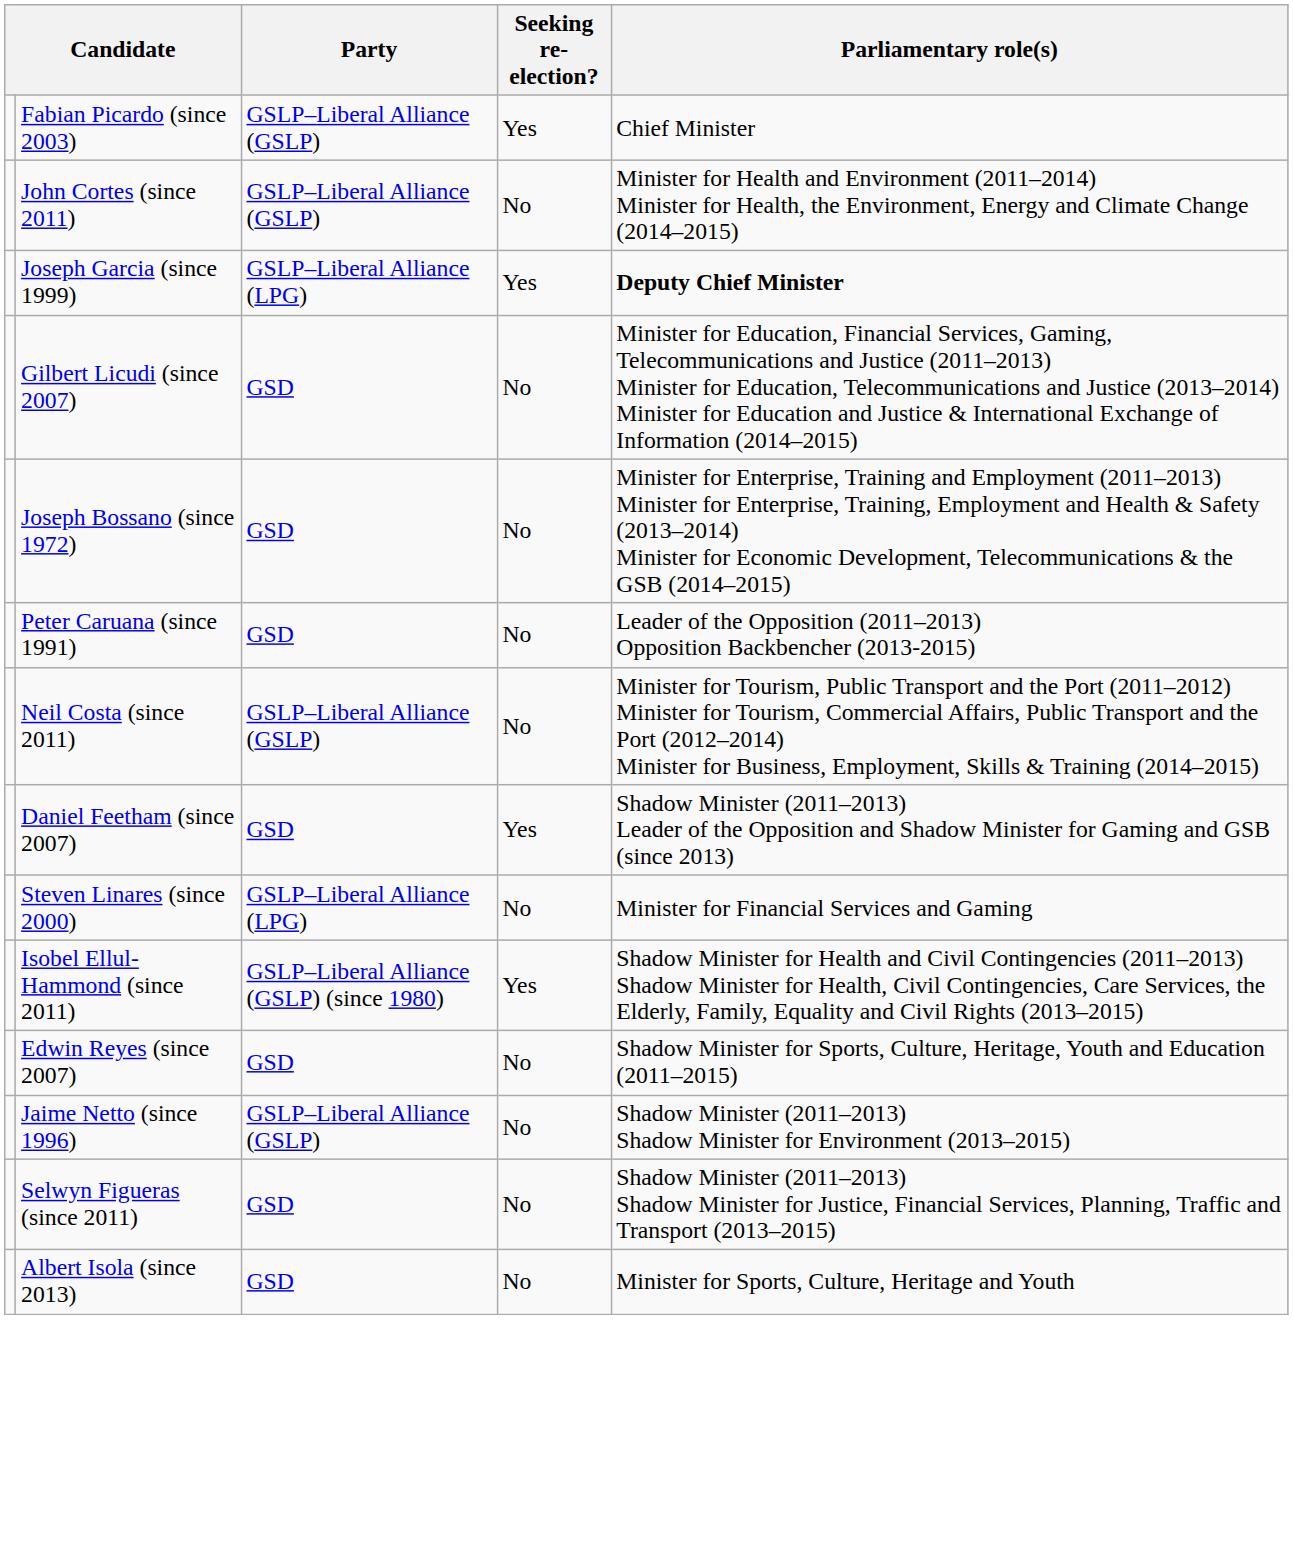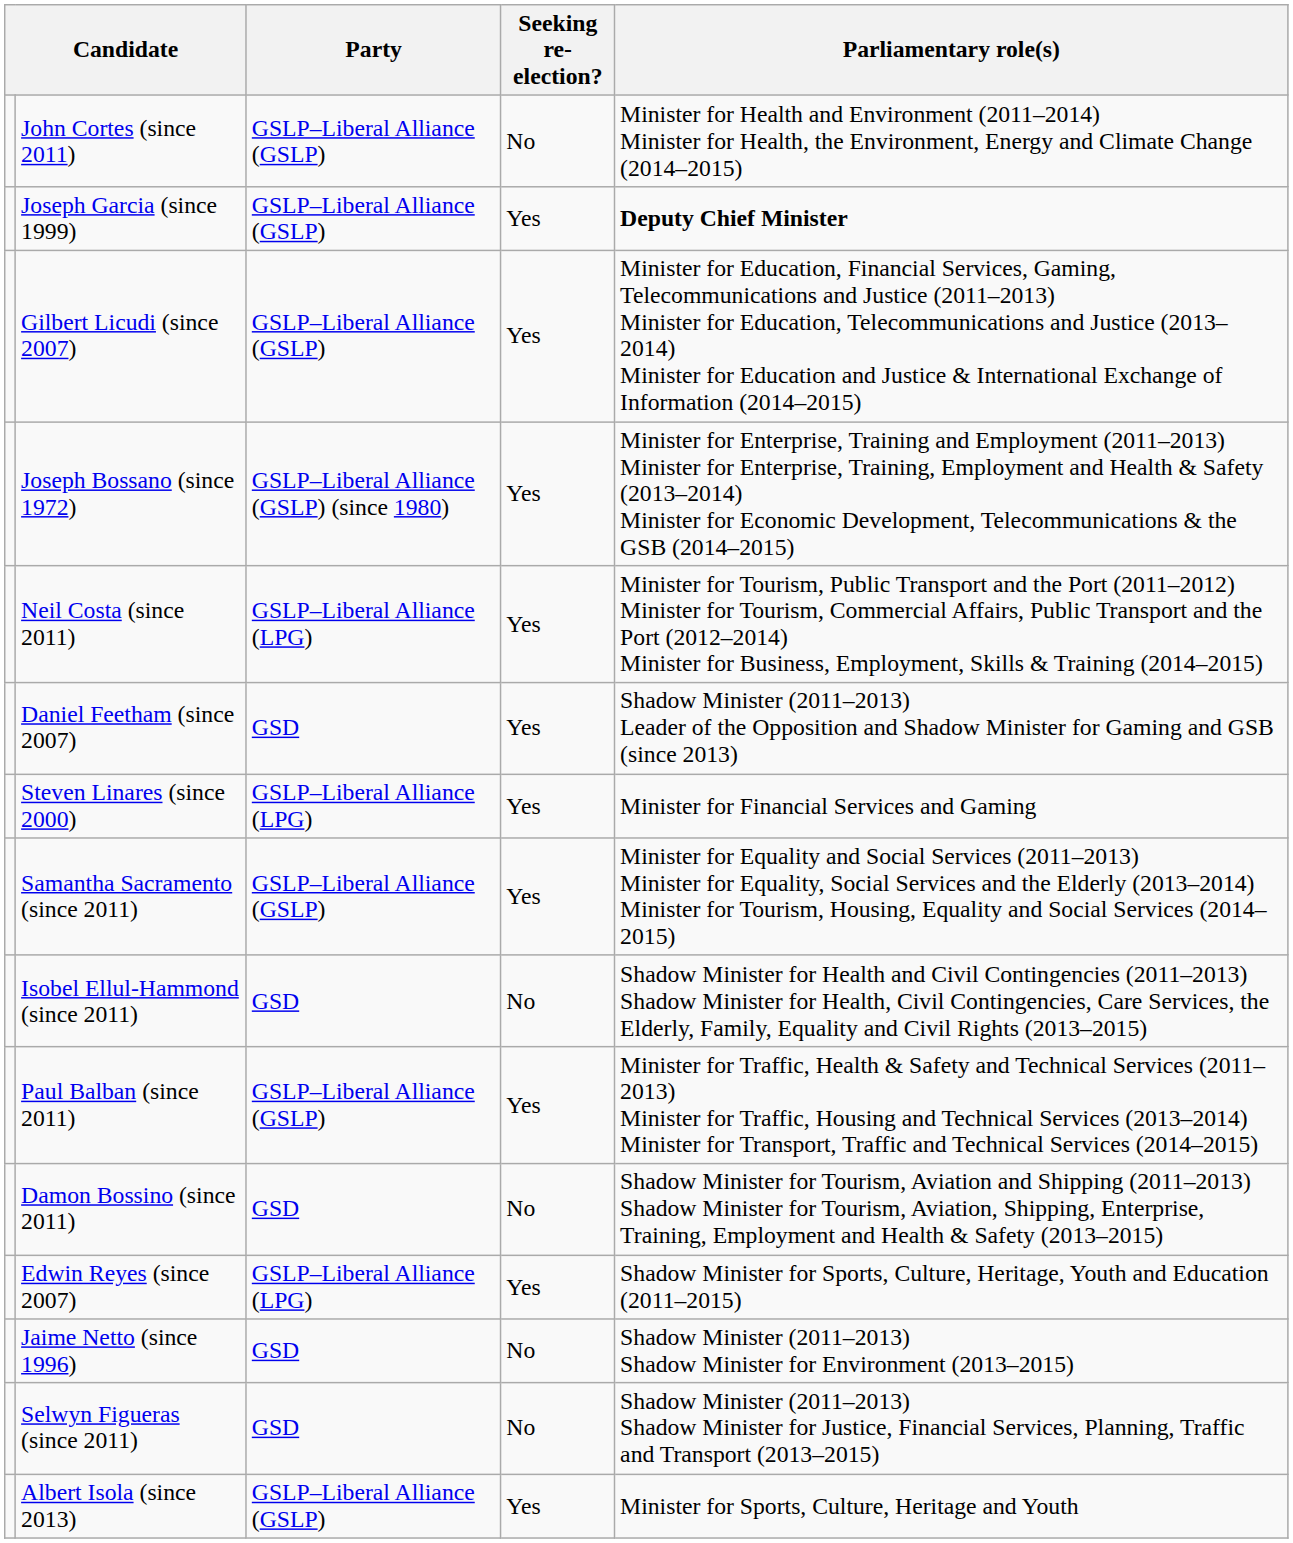 <table class=wikitable>
 <tr>
 <th colspan=2>Candidate</th>
 <th>Party</th>
 <th>Seeking<br>re-election?</th>
 <th>Parliamentary role(s)</th>
-</tr>
-<tr>
-<td style="background-color: "></td>
-<td><a href='#'>Fabian Picardo</a> (since <a href='#'>2003</a>)</td>
-<td><a href='#'>GSLP–Liberal Alliance</a> (<a href='#'>GSLP</a>)</td>
-<td>Yes</td>
-<td>Chief Minister</td>
 </tr>
 <tr>
 <td style="background-color: "></td>
 <td><a href='#'>John Cortes</a> (since <a href='#'>2011</a>)</td>
 <td><a href='#'>GSLP–Liberal Alliance</a> (<a href='#'>GSLP</a>)</td>
 <td>No</td>
 <td>Minister for Health and Environment (2011–2014)<br>Minister for Health, the Environment, Energy and Climate Change (2014–2015)</td>
 </tr>
 <tr>
 <td style="background-color: "></td>
 <td><a href='#'>Joseph Garcia</a> (since 1999)</td>
-<td><a href='#'>GSLP–Liberal Alliance</a> (<a href='#'>LPG</a>)</td>
+<td><a href='#'>GSLP–Liberal Alliance</a> (<a href='#'>GSLP</a>)</td>
 <td>Yes</td>
 <td><strong>Deputy Chief Minister</strong></td>
 </tr>
 <tr>
 <td style="background-color: "></td>
 <td><a href='#'>Gilbert Licudi</a> (since <a href='#'>2007</a>)</td>
-<td><a href='#'>GSD</a></td>
-<td>No</td>
+<td><a href='#'>GSLP–Liberal Alliance</a> (<a href='#'>GSLP</a>)</td>
+<td>Yes</td>
 <td>Minister for Education, Financial Services, Gaming, Telecommunications and Justice (2011–2013)<br>Minister for Education, Telecommunications and Justice (2013–2014)<br>Minister for Education and Justice & International Exchange of Information (2014–2015)</td>
 </tr>
 <tr>
 <td style="background-color: "></td>
 <td><a href='#'>Joseph Bossano</a> (since <a href='#'>1972</a>)</td>
-<td><a href='#'>GSD</a></td>
-<td>No</td>
+<td><a href='#'>GSLP–Liberal Alliance</a> (<a href='#'>GSLP</a>) (since <a href='#'>1980</a>)</td>
+<td>Yes</td>
 <td>Minister for Enterprise, Training and Employment (2011–2013)<br>Minister for Enterprise, Training, Employment and Health & Safety (2013–2014)<br>Minister for Economic Development, Telecommunications & the GSB (2014–2015)</td>
 </tr>
 <tr>
 <td style="background-color: "></td>
-<td><a href='#'>Peter Caruana</a> (since 1991)</td>
-<td><a href='#'>GSD</a></td>
-<td>No</td>
-<td>Leader of the Opposition (2011–2013)<br>Opposition Backbencher (2013-2015)</td>
-</tr>
-<tr>
-<td style="background-color: "></td>
 <td><a href='#'>Neil Costa</a> (since 2011)</td>
-<td><a href='#'>GSLP–Liberal Alliance</a> (<a href='#'>GSLP</a>)</td>
-<td>No</td>
+<td><a href='#'>GSLP–Liberal Alliance</a> (<a href='#'>LPG</a>)</td>
+<td>Yes</td>
 <td>Minister for Tourism, Public Transport and the Port (2011–2012)<br>Minister for Tourism, Commercial Affairs, Public Transport and the Port (2012–2014)<br>Minister for Business, Employment, Skills & Training (2014–2015)</td>
 </tr>
 <tr>
 <td style="background-color: "></td>
 <td><a href='#'>Daniel Feetham</a> (since 2007)</td>
 <td><a href='#'>GSD</a></td>
 <td>Yes</td>
 <td>Shadow Minister (2011–2013)<br>Leader of the Opposition and Shadow Minister for Gaming and GSB (since 2013)</td>
 </tr>
 <tr>
 <td style="background-color: "></td>
 <td><a href='#'>Steven Linares</a> (since <a href='#'>2000</a>)</td>
 <td><a href='#'>GSLP–Liberal Alliance</a> (<a href='#'>LPG</a>)</td>
-<td>No</td>
+<td>Yes</td>
 <td>Minister for Financial Services and Gaming</td>
 </tr>
 <tr>
 <td style="background-color: "></td>
+<td><a href='#'>Samantha Sacramento</a> (since 2011)</td>
+<td><a href='#'>GSLP–Liberal Alliance</a> (<a href='#'>GSLP</a>)</td>
+<td>Yes</td>
+<td>Minister for Equality and Social Services (2011–2013) <br>Minister for Equality, Social Services and the Elderly (2013–2014)<br>Minister for Tourism, Housing, Equality and Social Services (2014–2015)</td>
+</tr>
+<tr>
+<td style="background-color: "></td>
 <td><a href='#'>Isobel Ellul-Hammond</a> (since 2011)</td>
-<td><a href='#'>GSLP–Liberal Alliance</a> (<a href='#'>GSLP</a>) (since <a href='#'>1980</a>)</td>
-<td>Yes</td>
+<td><a href='#'>GSD</a></td>
+<td>No</td>
 <td>Shadow Minister for Health and Civil Contingencies (2011–2013)<br>Shadow Minister for Health, Civil Contingencies, Care Services, the Elderly, Family, Equality and Civil Rights (2013–2015)</td>
 </tr>
 <tr>
 <td style="background-color: "></td>
-<td><a href='#'>Edwin Reyes</a> (since 2007)</td>
+<td><a href='#'>Paul Balban</a> (since 2011)</td>
+<td><a href='#'>GSLP–Liberal Alliance</a> (<a href='#'>GSLP</a>)</td>
+<td>Yes</td>
+<td>Minister for Traffic, Health & Safety and Technical Services (2011–2013)<br>Minister for Traffic, Housing and Technical Services (2013–2014)<br>Minister for Transport, Traffic and Technical Services (2014–2015)</td>
+</tr>
+<tr>
+<td style="background-color: "></td>
+<td><a href='#'>Damon Bossino</a> (since 2011)</td>
 <td><a href='#'>GSD</a></td>
 <td>No</td>
+<td>Shadow Minister for Tourism, Aviation and Shipping (2011–2013)<br>Shadow Minister for Tourism, Aviation, Shipping, Enterprise, Training, Employment and Health & Safety (2013–2015)</td>
+</tr>
+<tr>
+<td style="background-color: "></td>
+<td><a href='#'>Edwin Reyes</a> (since 2007)</td>
+<td><a href='#'>GSLP–Liberal Alliance</a> (<a href='#'>LPG</a>)</td>
+<td>Yes</td>
 <td>Shadow Minister for Sports, Culture, Heritage, Youth and Education (2011–2015)</td>
 </tr>
 <tr>
 <td style="background-color: "></td>
 <td><a href='#'>Jaime Netto</a> (since <a href='#'>1996</a>)</td>
-<td><a href='#'>GSLP–Liberal Alliance</a> (<a href='#'>GSLP</a>)</td>
+<td><a href='#'>GSD</a></td>
 <td>No</td>
 <td>Shadow Minister (2011–2013)<br>Shadow Minister for Environment (2013–2015)</td>
 </tr>
 <tr>
 <td style="background-color: "></td>
 <td><a href='#'>Selwyn Figueras</a> (since 2011)</td>
 <td><a href='#'>GSD</a></td>
 <td>No</td>
 <td>Shadow Minister (2011–2013)<br>Shadow Minister for Justice, Financial Services, Planning, Traffic and Transport (2013–2015)</td>
 </tr>
 <tr>
 <td style="background-color: "></td>
 <td><a href='#'>Albert Isola</a> (since 2013)</td>
-<td><a href='#'>GSD</a></td>
-<td>No</td>
+<td><a href='#'>GSLP–Liberal Alliance</a> (<a href='#'>GSLP</a>)</td>
+<td>Yes</td>
 <td>Minister for Sports, Culture, Heritage and Youth</td>
 </tr>
 </table>
